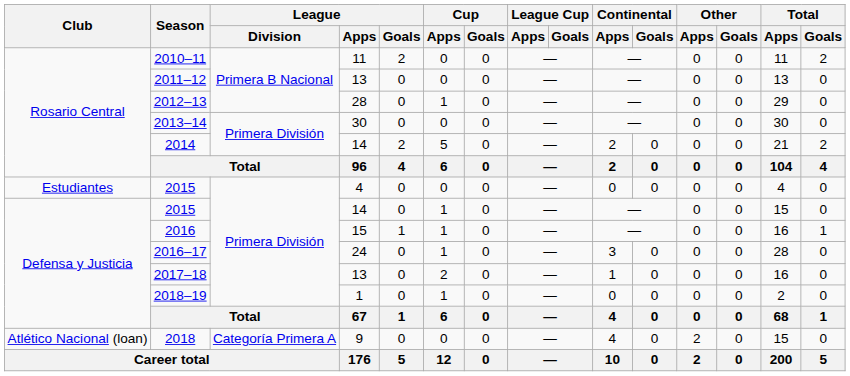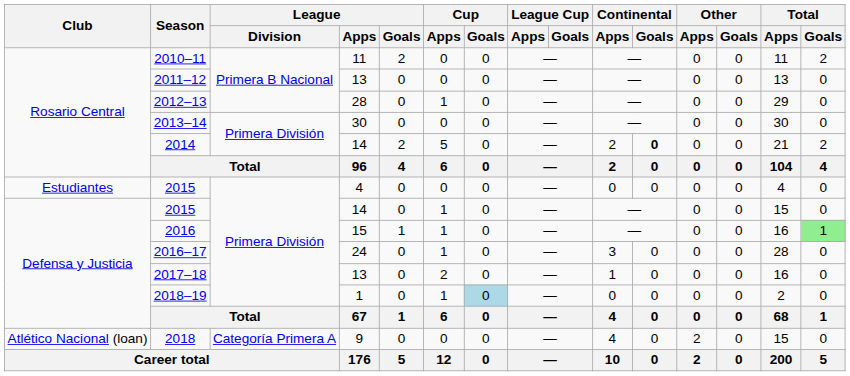 <table class="wikitable" style="text-align:center">
 <tr>
 <th rowspan="2">Club</th>
 <th rowspan="2">Season</th>
 <th colspan="3">League</th>
 <th colspan="2">Cup</th>
 <th colspan="2">League Cup</th>
 <th colspan="2">Continental</th>
 <th colspan="2">Other</th>
 <th colspan="2">Total</th>
 </tr>
 <tr>
 <th>Division</th>
 <th>Apps</th>
 <th>Goals</th>
 <th>Apps</th>
 <th>Goals</th>
 <th>Apps</th>
 <th>Goals</th>
 <th>Apps</th>
 <th>Goals</th>
 <th>Apps</th>
 <th>Goals</th>
 <th>Apps</th>
 <th>Goals</th>
 </tr>
 <tr>
 <td rowspan="6"><a href='#'>Rosario Central</a></td>
 <td><a href='#'>2010–11</a></td>
 <td rowspan="3"><a href='#'>Primera B Nacional</a></td>
 <td>11</td>
 <td>2</td>
 <td>0</td>
 <td>0</td>
 <td colspan="2">—</td>
 <td colspan="2">—</td>
 <td>0</td>
 <td>0</td>
 <td>11</td>
 <td>2</td>
 </tr>
 <tr>
 <td><a href='#'>2011–12</a></td>
 <td>13</td>
 <td>0</td>
 <td>0</td>
 <td>0</td>
 <td colspan="2">—</td>
 <td colspan="2">—</td>
 <td>0</td>
 <td>0</td>
 <td>13</td>
 <td>0</td>
 </tr>
 <tr>
 <td><a href='#'>2012–13</a></td>
 <td>28</td>
 <td>0</td>
 <td>1</td>
 <td>0</td>
 <td colspan="2">—</td>
 <td colspan="2">—</td>
 <td>0</td>
 <td>0</td>
 <td>29</td>
 <td>0</td>
 </tr>
 <tr>
 <td><a href='#'>2013–14</a></td>
 <td rowspan="2"><a href='#'>Primera División</a></td>
 <td>30</td>
 <td>0</td>
 <td>0</td>
 <td>0</td>
 <td colspan="2">—</td>
 <td colspan="2">—</td>
 <td>0</td>
 <td>0</td>
 <td>30</td>
 <td>0</td>
 </tr>
 <tr>
 <td><a href='#'>2014</a></td>
 <td>14</td>
 <td>2</td>
 <td>5</td>
 <td>0</td>
 <td colspan="2">—</td>
 <td>2</td>
-<td>0</td>
+<td><strong>0</strong></td>
 <td>0</td>
 <td>0</td>
 <td>21</td>
 <td>2</td>
 </tr>
 <tr>
 <th colspan="2">Total</th>
 <th>96</th>
 <th>4</th>
 <th>6</th>
 <th>0</th>
 <th colspan="2">—</th>
 <th>2</th>
 <th>0</th>
 <th>0</th>
 <th>0</th>
 <th>104</th>
 <th>4</th>
 </tr>
 <tr>
 <td rowspan="1"><a href='#'>Estudiantes</a></td>
 <td><a href='#'>2015</a></td>
 <td rowspan="6"><a href='#'>Primera División</a></td>
 <td>4</td>
 <td>0</td>
 <td>0</td>
 <td>0</td>
 <td colspan="2">—</td>
 <td>0</td>
 <td>0</td>
 <td>0</td>
 <td>0</td>
 <td>4</td>
 <td>0</td>
 </tr>
 <tr>
 <td rowspan="6"><a href='#'>Defensa y Justicia</a></td>
 <td><a href='#'>2015</a></td>
 <td>14</td>
 <td>0</td>
 <td>1</td>
 <td>0</td>
 <td colspan="2">—</td>
 <td colspan="2">—</td>
 <td>0</td>
 <td>0</td>
 <td>15</td>
 <td>0</td>
 </tr>
 <tr>
 <td><a href='#'>2016</a></td>
 <td>15</td>
 <td>1</td>
 <td>1</td>
 <td>0</td>
 <td colspan="2">—</td>
 <td colspan="2">—</td>
 <td>0</td>
 <td>0</td>
 <td>16</td>
-<td>1</td>
+<td style="background: lightgreen;">1</td>
 </tr>
 <tr>
 <td><a href='#'>2016–17</a></td>
 <td>24</td>
 <td>0</td>
 <td>1</td>
 <td>0</td>
 <td colspan="2">—</td>
 <td>3</td>
 <td>0</td>
 <td>0</td>
 <td>0</td>
 <td>28</td>
 <td>0</td>
 </tr>
 <tr>
 <td><a href='#'>2017–18</a></td>
 <td>13</td>
 <td>0</td>
 <td>2</td>
 <td>0</td>
 <td colspan="2">—</td>
 <td>1</td>
 <td>0</td>
 <td>0</td>
 <td>0</td>
 <td>16</td>
 <td>0</td>
 </tr>
 <tr>
 <td><a href='#'>2018–19</a></td>
 <td>1</td>
 <td>0</td>
 <td>1</td>
-<td>0</td>
+<td style="background: lightblue;">0</td>
 <td colspan="2">—</td>
 <td>0</td>
 <td>0</td>
 <td>0</td>
 <td>0</td>
 <td>2</td>
 <td>0</td>
 </tr>
 <tr>
 <th colspan="2">Total</th>
 <th>67</th>
 <th>1</th>
 <th>6</th>
 <th>0</th>
 <th colspan="2">—</th>
 <th>4</th>
 <th>0</th>
 <th>0</th>
 <th>0</th>
 <th>68</th>
 <th>1</th>
 </tr>
 <tr>
 <td rowspan="1"><a href='#'>Atlético Nacional</a> (loan)</td>
 <td><a href='#'>2018</a></td>
 <td rowspan="1"><a href='#'>Categoría Primera A</a></td>
 <td>9</td>
 <td>0</td>
 <td>0</td>
 <td>0</td>
 <td colspan="2">—</td>
 <td>4</td>
 <td>0</td>
 <td>2</td>
 <td>0</td>
 <td>15</td>
 <td>0</td>
 </tr>
 <tr>
 <th colspan="3">Career total</th>
 <th>176</th>
 <th>5</th>
 <th>12</th>
 <th>0</th>
 <th colspan="2">—</th>
 <th>10</th>
 <th>0</th>
 <th>2</th>
 <th>0</th>
 <th>200</th>
 <th>5</th>
 </tr>
 </table>
